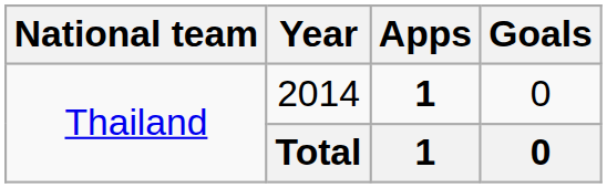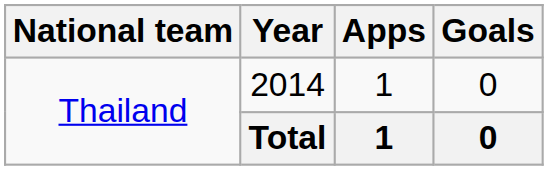 <table class="wikitable" style="text-align:center">
 <tr>
 <th>National team</th>
 <th>Year</th>
 <th>Apps</th>
 <th>Goals</th>
 </tr>
 <tr>
 <td rowspan="2" valign="center"><a href='#'>Thailand</a></td>
 <td>2014</td>
-<td><strong>1</strong></td>
+<td>1</td>
 <td>0</td>
 </tr>
 <tr>
 <th colspan="1">Total</th>
 <th>1</th>
 <th>0</th>
 </tr>
 </table>
